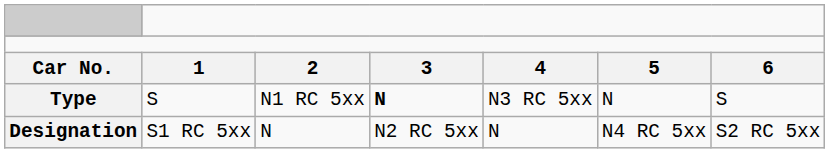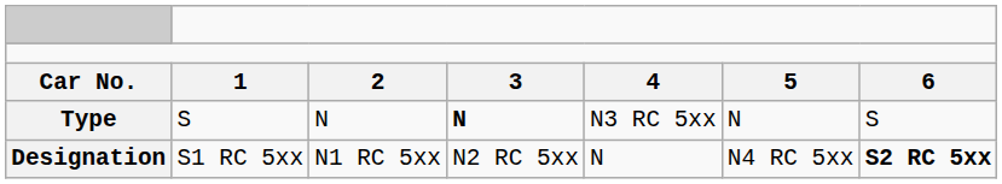 <table class="wikitable">
 <tr>
 <td style="background-color:#ccc;"> </td>
 <td colspan="6"></td>
 </tr>
 <tr style="line-height: 10px; background-color:#">
 <td colspan="7" style="padding:0; border:0;"> </td>
 </tr>
 <tr>
 <th>Car No.</th>
 <th>1</th>
 <th>2</th>
 <th>3</th>
 <th>4</th>
 <th>5</th>
 <th>6</th>
 </tr>
 <tr>
 <th>Type</th>
 <td>S</td>
-<td>N1 RC 5xx</td>
+<td>N</td>
 <td><strong>N</strong></td>
 <td>N3 RC 5xx</td>
 <td>N</td>
 <td>S</td>
 </tr>
 <tr>
 <th>Designation</th>
 <td>S1 RC 5xx</td>
-<td>N</td>
+<td>N1 RC 5xx</td>
 <td>N2 RC 5xx</td>
 <td>N</td>
 <td>N4 RC 5xx</td>
-<td>S2 RC 5xx</td>
+<td><strong>S2 RC 5xx</strong></td>
 </tr>
 </table>
